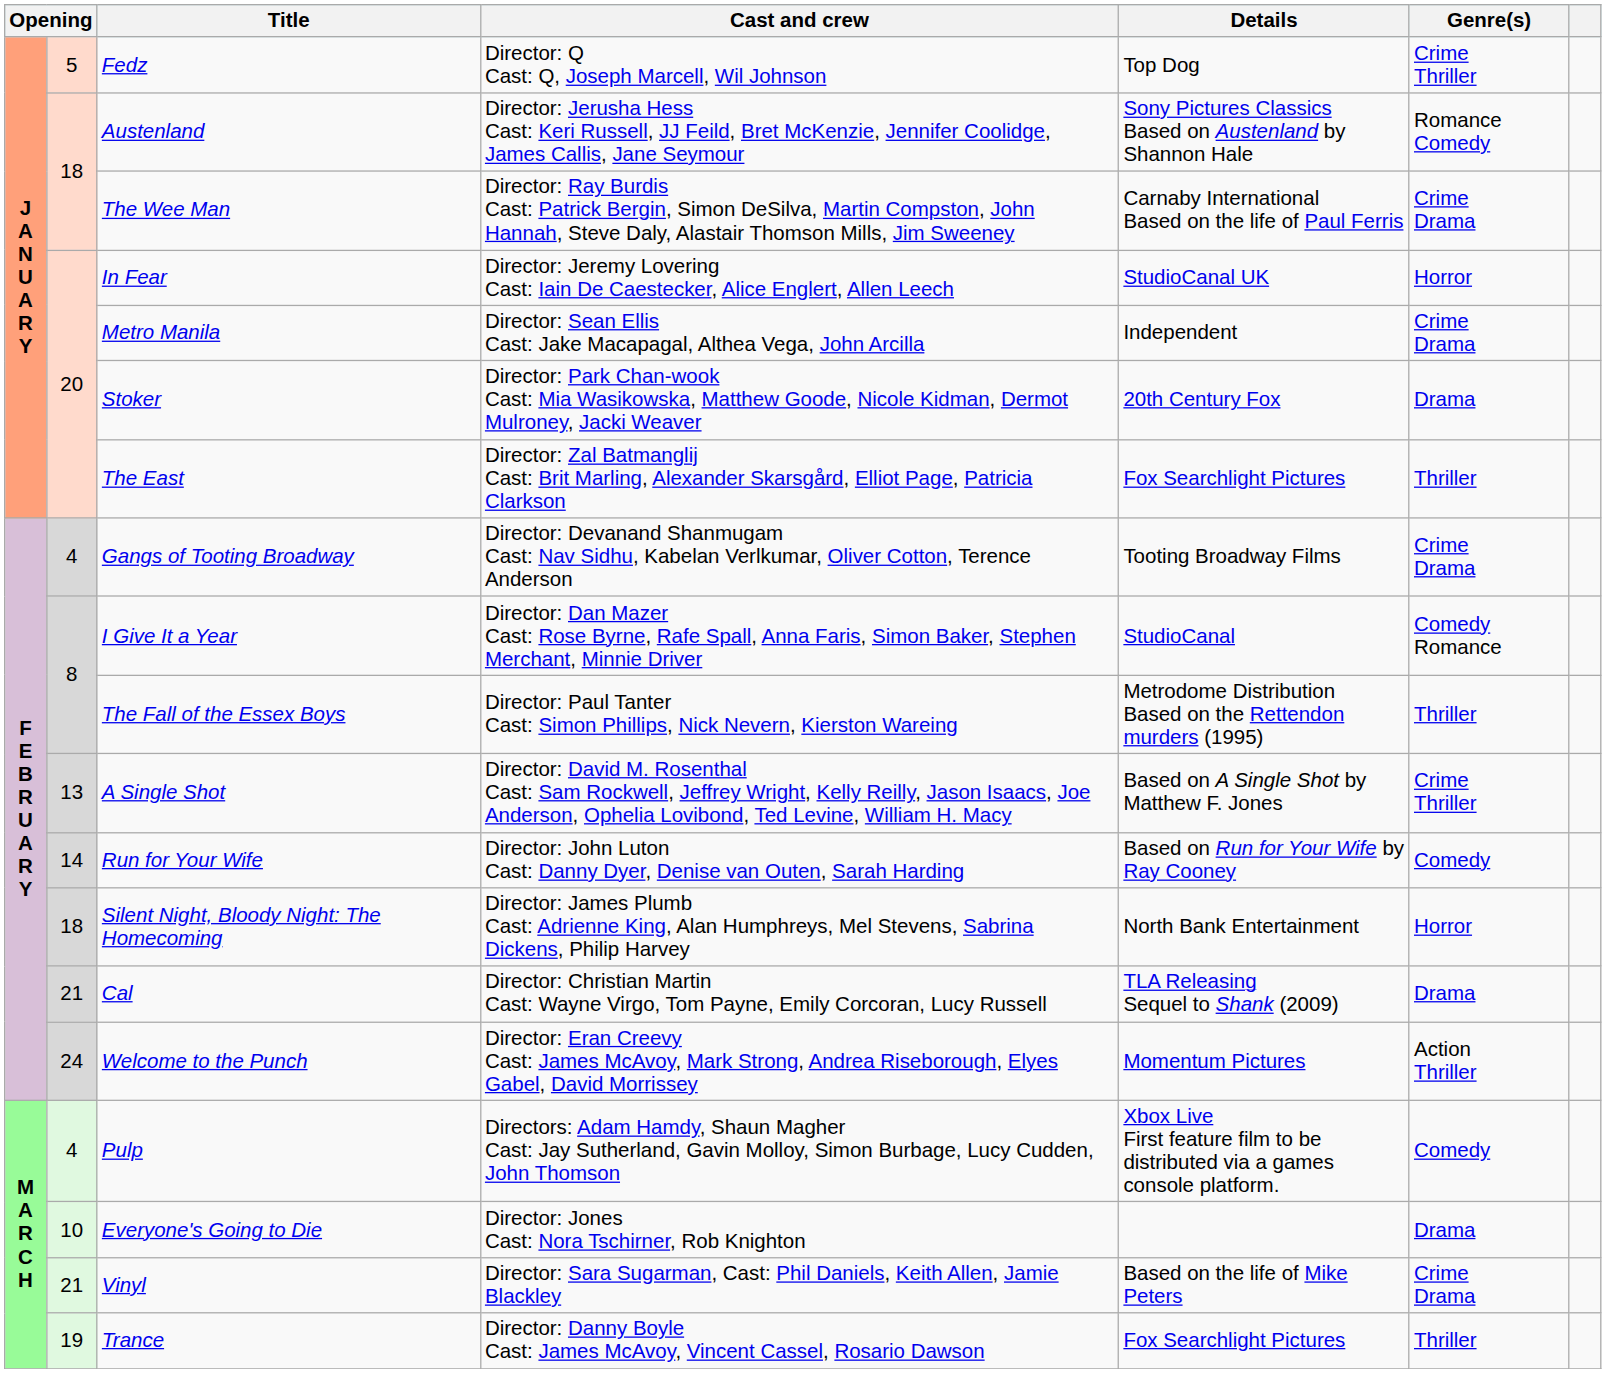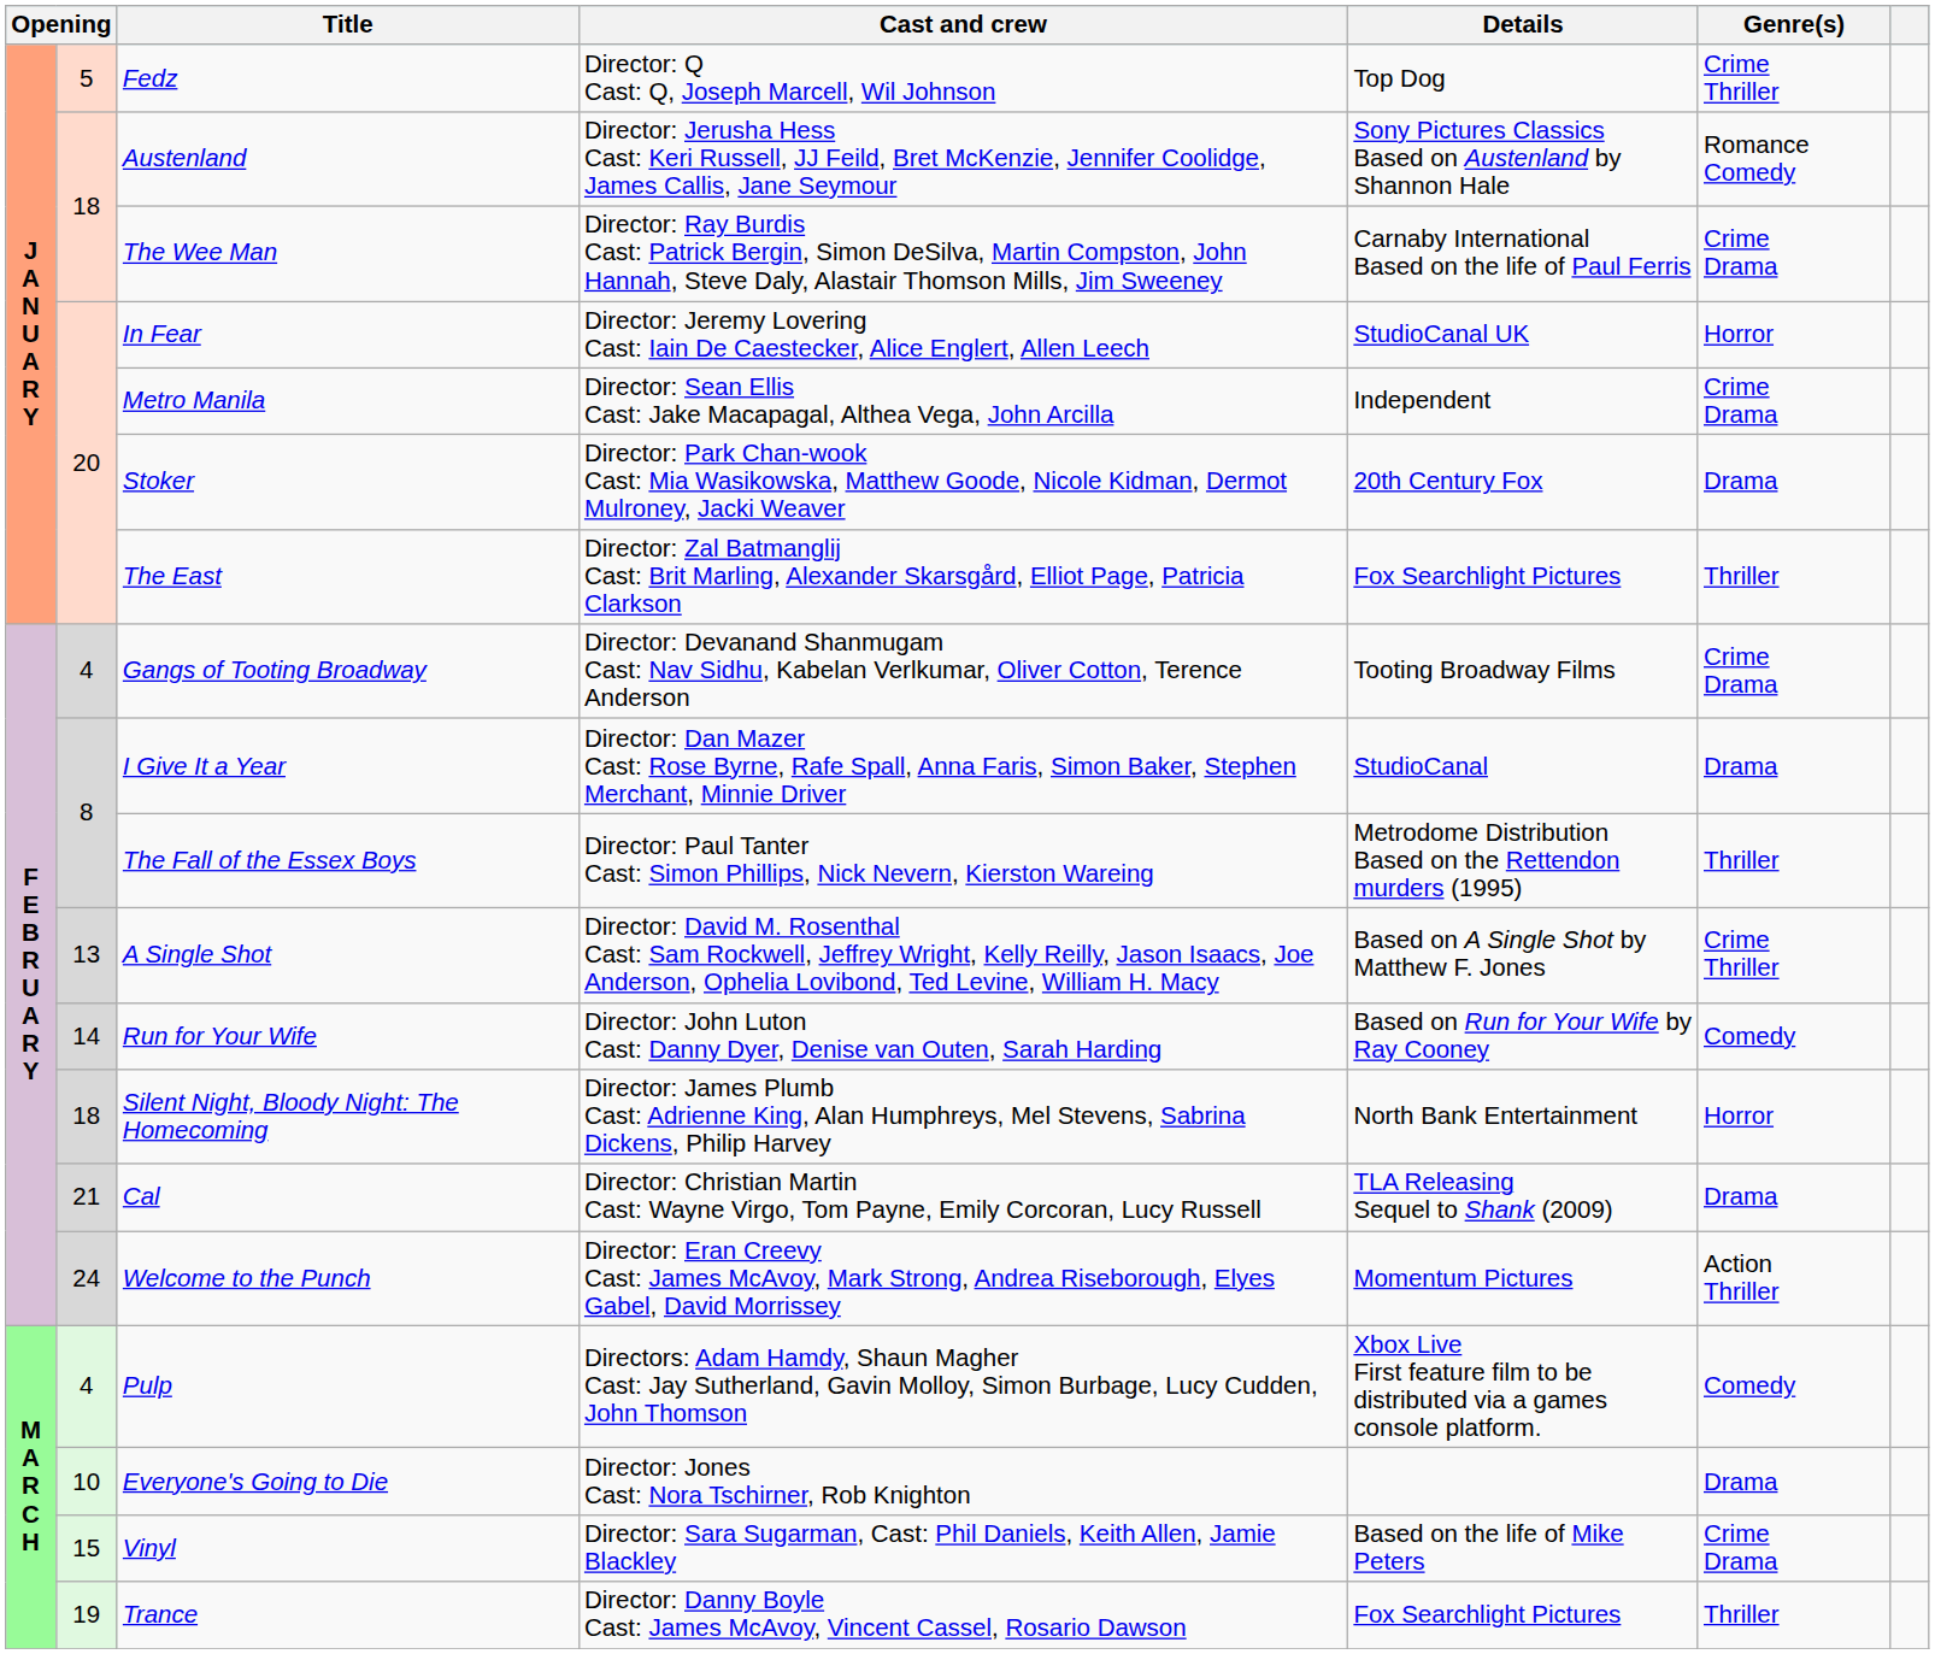 <table class="wikitable sortable plainrowheaders">
 <tr style="background:#b0e0e6; text-align:center;">
 <th colspan="2">Opening</th>
 <th style="width:24%;">Title</th>
 <th style="width:40%;">Cast and crew</th>
 <th>Details</th>
 <th style="width:10%;">Genre(s)</th>
 <th style="width:2%;"></th>
 </tr>
 <tr>
 <th rowspan="7" style="text-align:center; background:#ffa07a; textcolor:#000;">J <br>A <br>N <br>U <br>A <br>R <br>Y</th>
 <td rowspan="1" style="text-align:center; background:#ffdacc;">5</td>
 <td><em><a href='#'>Fedz</a></em></td>
 <td>Director: Q  <br> Cast: Q, <a href='#'>Joseph Marcell</a>, <a href='#'>Wil Johnson</a></td>
 <td>Top Dog</td>
 <td><a href='#'>Crime</a>  <br> <a href='#'>Thriller</a></td>
 <td style="text-align:center"></td>
 </tr>
 <tr>
 <td rowspan="2" style="text-align:center; background:#ffdacc;">18</td>
 <td><em><a href='#'>Austenland</a></em></td>
 <td>Director: <a href='#'>Jerusha Hess</a>  <br> Cast: <a href='#'>Keri Russell</a>, <a href='#'>JJ Feild</a>, <a href='#'>Bret McKenzie</a>, <a href='#'>Jennifer Coolidge</a>, <a href='#'>James Callis</a>, <a href='#'>Jane Seymour</a></td>
 <td><a href='#'>Sony Pictures Classics</a>  <br> Based on <em><a href='#'>Austenland</a></em> by Shannon Hale</td>
 <td>Romance  <br> <a href='#'>Comedy</a></td>
 <td style="text-align:center"></td>
 </tr>
 <tr>
 <td><em><a href='#'>The Wee Man</a></em></td>
 <td>Director: <a href='#'>Ray Burdis</a>  <br> Cast: <a href='#'>Patrick Bergin</a>, Simon DeSilva, <a href='#'>Martin Compston</a>, <a href='#'>John Hannah</a>, Steve Daly, Alastair Thomson Mills, <a href='#'>Jim Sweeney</a></td>
 <td>Carnaby International  <br> Based on the life of <a href='#'>Paul Ferris</a></td>
 <td><a href='#'>Crime</a>  <br> <a href='#'>Drama</a></td>
 <td style="text-align:center"></td>
 </tr>
 <tr>
 <td rowspan="4" style="text-align:center; background:#ffdacc;">20</td>
 <td><em><a href='#'>In Fear</a></em></td>
 <td>Director: Jeremy Lovering  <br> Cast: <a href='#'>Iain De Caestecker</a>, <a href='#'>Alice Englert</a>, <a href='#'>Allen Leech</a></td>
 <td><a href='#'>StudioCanal UK</a></td>
 <td><a href='#'>Horror</a></td>
 <td style="text-align:center"></td>
 </tr>
 <tr>
 <td><em><a href='#'>Metro Manila</a></em></td>
 <td>Director: <a href='#'>Sean Ellis</a>  <br> Cast: Jake Macapagal, Althea Vega, <a href='#'>John Arcilla</a></td>
 <td>Independent</td>
 <td><a href='#'>Crime</a>  <br> <a href='#'>Drama</a></td>
 <td style="text-align:center"></td>
 </tr>
 <tr>
 <td><em><a href='#'>Stoker</a></em></td>
 <td>Director: <a href='#'>Park Chan-wook</a>  <br> Cast: <a href='#'>Mia Wasikowska</a>, <a href='#'>Matthew Goode</a>, <a href='#'>Nicole Kidman</a>, <a href='#'>Dermot Mulroney</a>, <a href='#'>Jacki Weaver</a></td>
 <td><a href='#'>20th Century Fox</a></td>
 <td><a href='#'>Drama</a></td>
 <td style="text-align:center"></td>
 </tr>
 <tr>
 <td><em><a href='#'>The East</a></em></td>
 <td>Director: <a href='#'>Zal Batmanglij</a>  <br> Cast: <a href='#'>Brit Marling</a>, <a href='#'>Alexander Skarsgård</a>, <a href='#'>Elliot Page</a>, <a href='#'>Patricia Clarkson</a></td>
 <td><a href='#'>Fox Searchlight Pictures</a></td>
 <td><a href='#'>Thriller</a></td>
 <td style="text-align:center"></td>
 </tr>
 <tr>
 <th rowspan="8" style="text-align:center; background:thistle; textcolor:#000;">F <br>E <br>B <br>R <br>U <br>A <br>R <br>Y</th>
 <td rowspan="1" style="text-align:center; background:#d8d8d8;">4</td>
 <td><em><a href='#'>Gangs of Tooting Broadway</a></em></td>
 <td>Director: Devanand Shanmugam  <br> Cast: <a href='#'>Nav Sidhu</a>, Kabelan Verlkumar, <a href='#'>Oliver Cotton</a>, Terence Anderson</td>
 <td>Tooting Broadway Films</td>
 <td><a href='#'>Crime</a>  <br> <a href='#'>Drama</a></td>
 <td style="text-align:center"></td>
 </tr>
 <tr>
 <td rowspan="2" style="text-align:center; background:#d8d8d8;">8</td>
 <td><em><a href='#'>I Give It a Year</a></em></td>
 <td>Director: <a href='#'>Dan Mazer</a>  <br> Cast: <a href='#'>Rose Byrne</a>, <a href='#'>Rafe Spall</a>, <a href='#'>Anna Faris</a>, <a href='#'>Simon Baker</a>, <a href='#'>Stephen Merchant</a>, <a href='#'>Minnie Driver</a></td>
 <td><a href='#'>StudioCanal</a></td>
-<td><a href='#'>Comedy</a>  <br> Romance</td>
+<td><a href='#'>Drama</a></td>
 <td style="text-align:center"></td>
 </tr>
 <tr>
 <td><em><a href='#'>The Fall of the Essex Boys</a></em></td>
 <td>Director: Paul Tanter  <br> Cast: <a href='#'>Simon Phillips</a>, <a href='#'>Nick Nevern</a>, <a href='#'>Kierston Wareing</a></td>
 <td>Metrodome Distribution  <br> Based on the <a href='#'>Rettendon murders</a> (1995)</td>
 <td><a href='#'>Thriller</a></td>
 <td style="text-align:center"></td>
 </tr>
 <tr>
 <td rowspan="1" style="text-align:center; background:#d8d8d8;">13</td>
 <td><em><a href='#'>A Single Shot</a></em></td>
 <td>Director: <a href='#'>David M. Rosenthal</a>  <br> Cast: <a href='#'>Sam Rockwell</a>, <a href='#'>Jeffrey Wright</a>, <a href='#'>Kelly Reilly</a>, <a href='#'>Jason Isaacs</a>, <a href='#'>Joe Anderson</a>, <a href='#'>Ophelia Lovibond</a>, <a href='#'>Ted Levine</a>, <a href='#'>William H. Macy</a></td>
 <td>Based on <em>A Single Shot</em> by Matthew F. Jones</td>
 <td><a href='#'>Crime</a>  <br> <a href='#'>Thriller</a></td>
 <td style="text-align:center"></td>
 </tr>
 <tr>
 <td rowspan="1" style="text-align:center; background:#d8d8d8;">14</td>
 <td><em><a href='#'>Run for Your Wife</a></em></td>
 <td>Director: John Luton  <br> Cast: <a href='#'>Danny Dyer</a>, <a href='#'>Denise van Outen</a>, <a href='#'>Sarah Harding</a></td>
 <td>Based on <em><a href='#'>Run for Your Wife</a></em> by <a href='#'>Ray Cooney</a></td>
 <td><a href='#'>Comedy</a></td>
 <td style="text-align:center"></td>
 </tr>
 <tr>
 <td rowspan="1" style="text-align:center; background:#d8d8d8;">18</td>
 <td><em><a href='#'>Silent Night, Bloody Night: The Homecoming</a></em></td>
 <td>Director: James Plumb  <br> Cast: <a href='#'>Adrienne King</a>, Alan Humphreys, Mel Stevens, <a href='#'>Sabrina Dickens</a>, Philip Harvey</td>
 <td>North Bank Entertainment</td>
 <td><a href='#'>Horror</a></td>
 <td style="text-align:center"></td>
 </tr>
 <tr>
 <td rowspan="1" style="text-align:center; background:#d8d8d8;">21</td>
 <td><em><a href='#'>Cal</a></em></td>
 <td>Director: Christian Martin  <br> Cast: Wayne Virgo, Tom Payne, Emily Corcoran, Lucy Russell</td>
 <td><a href='#'>TLA Releasing</a>  <br> Sequel to <em><a href='#'>Shank</a></em> (2009)</td>
 <td><a href='#'>Drama</a></td>
 <td style="text-align:center"></td>
 </tr>
 <tr>
 <td rowspan="1" style="text-align:center; background:#d8d8d8;">24</td>
 <td><em><a href='#'>Welcome to the Punch</a></em></td>
 <td>Director: <a href='#'>Eran Creevy</a>  <br> Cast: <a href='#'>James McAvoy</a>, <a href='#'>Mark Strong</a>, <a href='#'>Andrea Riseborough</a>, <a href='#'>Elyes Gabel</a>, <a href='#'>David Morrissey</a></td>
 <td><a href='#'>Momentum Pictures</a></td>
 <td>Action  <br> <a href='#'>Thriller</a></td>
 <td style="text-align:center"></td>
 </tr>
 <tr>
 <th rowspan="4" style="text-align:center; background:#98fb98; textcolor:#000;">M <br>A <br>R <br>C <br>H</th>
 <td rowspan="1" style="text-align:center; background:#e0f9e0;">4</td>
 <td><em><a href='#'>Pulp</a></em></td>
 <td>Directors: <a href='#'>Adam Hamdy</a>, Shaun Magher  <br> Cast: Jay Sutherland, Gavin Molloy, Simon Burbage, Lucy Cudden, <a href='#'>John Thomson</a></td>
 <td><a href='#'>Xbox Live</a>  <br> First feature film to be distributed via a games console platform.</td>
 <td><a href='#'>Comedy</a></td>
 <td style="text-align:center"></td>
 </tr>
 <tr>
 <td rowspan="1" style="text-align:center; background:#e0f9e0;">10</td>
 <td><em><a href='#'>Everyone's Going to Die</a></em></td>
 <td>Director: Jones  <br> Cast: <a href='#'>Nora Tschirner</a>, Rob Knighton</td>
 <td></td>
 <td><a href='#'>Drama</a></td>
 <td style="text-align:center"></td>
 </tr>
 <tr>
-<td rowspan="1" style="text-align:center; background:#e0f9e0;">21</td>
+<td rowspan="1" style="text-align:center; background:#e0f9e0;">15</td>
 <td><em><a href='#'>Vinyl</a></em></td>
 <td>Director: <a href='#'>Sara Sugarman</a>, Cast: <a href='#'>Phil Daniels</a>, <a href='#'>Keith Allen</a>, <a href='#'>Jamie Blackley</a></td>
 <td>Based on the life of <a href='#'>Mike Peters</a></td>
 <td><a href='#'>Crime</a>  <br> <a href='#'>Drama</a></td>
 <td style="text-align:center"></td>
 </tr>
 <tr>
 <td rowspan="1" style="text-align:center; background:#e0f9e0;">19</td>
 <td><em><a href='#'>Trance</a></em></td>
 <td>Director: <a href='#'>Danny Boyle</a>  <br> Cast: <a href='#'>James McAvoy</a>, <a href='#'>Vincent Cassel</a>, <a href='#'>Rosario Dawson</a></td>
 <td><a href='#'>Fox Searchlight Pictures</a></td>
 <td><a href='#'>Thriller</a></td>
 <td style="text-align:center"></td>
 </tr>
 <tr>
 </tr>
 </table>
